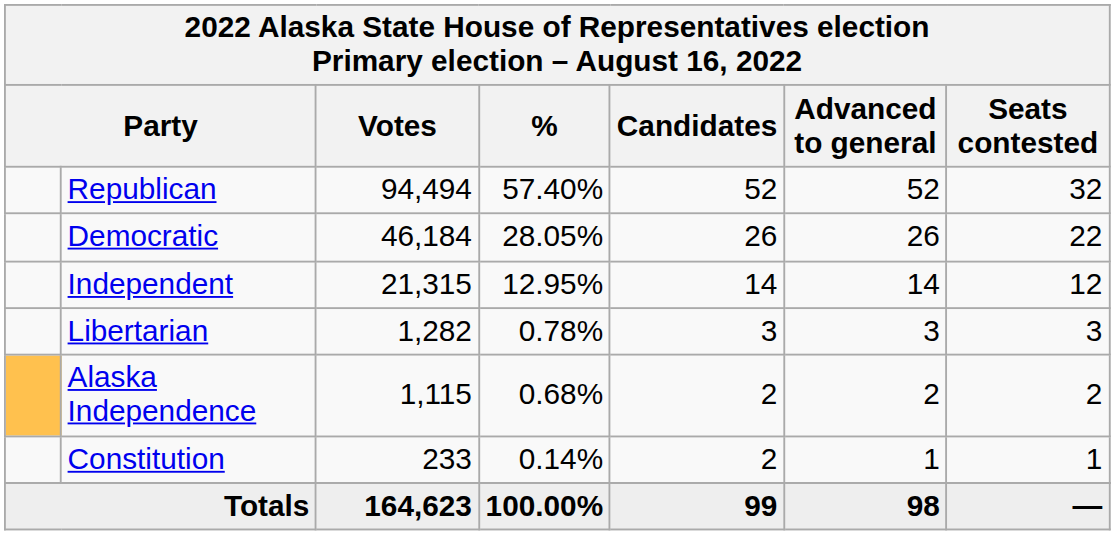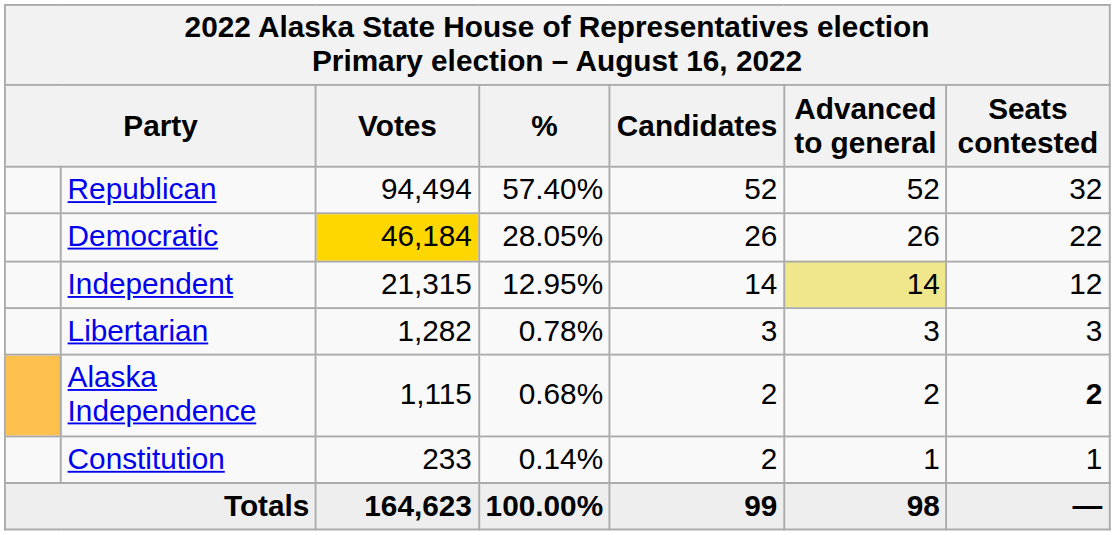 <table class="wikitable">
 <tr>
 <th colspan="9">2022 Alaska State House of Representatives election<br>Primary election – August 16, 2022</th>
 </tr>
 <tr bgcolor="#EEEEEE" align="center">
 <th colspan=2 style="width: 10em">Party</th>
 <th style="width: 5em">Votes</th>
 <th style="width: 3em">%</th>
 <th style="width: 5em">Candidates</th>
 <th style="width: 5em">Advanced to general</th>
 <th style="width: 5em">Seats contested</th>
 </tr>
 <tr>
 <td style="background:"></td>
 <td style="width: 130px"><a href='#'>Republican</a></td>
 <td align="right">94,494</td>
 <td align="right">57.40%</td>
 <td align="right">52</td>
 <td align="right">52</td>
 <td align="right">32</td>
 </tr>
 <tr>
 <td style="background:"></td>
 <td style="width: 130px"><a href='#'>Democratic</a></td>
-<td align="right">46,184</td>
+<td align="right" style="background: gold;">46,184</td>
 <td align="right">28.05%</td>
 <td align="right">26</td>
 <td align="right">26</td>
 <td align="right">22</td>
 </tr>
 <tr>
 <td style="background:"></td>
 <td style="width: 130px"><a href='#'>Independent</a></td>
 <td align="right">21,315</td>
 <td align="right">12.95%</td>
 <td align="right">14</td>
-<td align="right">14</td>
+<td align="right" style="background: khaki;">14</td>
 <td align="right">12</td>
 </tr>
 <tr>
 <td style="background:"></td>
 <td style="width: 130px"><a href='#'>Libertarian</a></td>
 <td align="right">1,282</td>
 <td align="right">0.78%</td>
 <td align="right">3</td>
 <td align="right">3</td>
 <td align="right">3</td>
 </tr>
 <tr>
 <td style="background:#FFC14E;"></td>
 <td style="width: 130px"><a href='#'>Alaska Independence</a></td>
 <td align="right">1,115</td>
 <td align="right">0.68%</td>
 <td align="right">2</td>
 <td align="right">2</td>
-<td align="right">2</td>
+<td align="right"><strong>2</strong></td>
 </tr>
 <tr>
 <td style="background:"></td>
 <td style="width: 130px"><a href='#'>Constitution</a></td>
 <td align="right">233</td>
 <td align="right">0.14%</td>
 <td align="right">2</td>
 <td align="right">1</td>
 <td align="right">1</td>
 </tr>
 <tr>
 </tr>
 <tr bgcolor="#EEEEEE">
 <td colspan="2" align="right"><strong>Totals</strong></td>
 <td align="right"><strong>164,623</strong></td>
 <td align="right"><strong>100.00%</strong></td>
 <td align="right"><strong>99</strong></td>
 <td align="right"><strong>98</strong></td>
 <td align="right"><strong>—</strong></td>
 </tr>
 </table>
